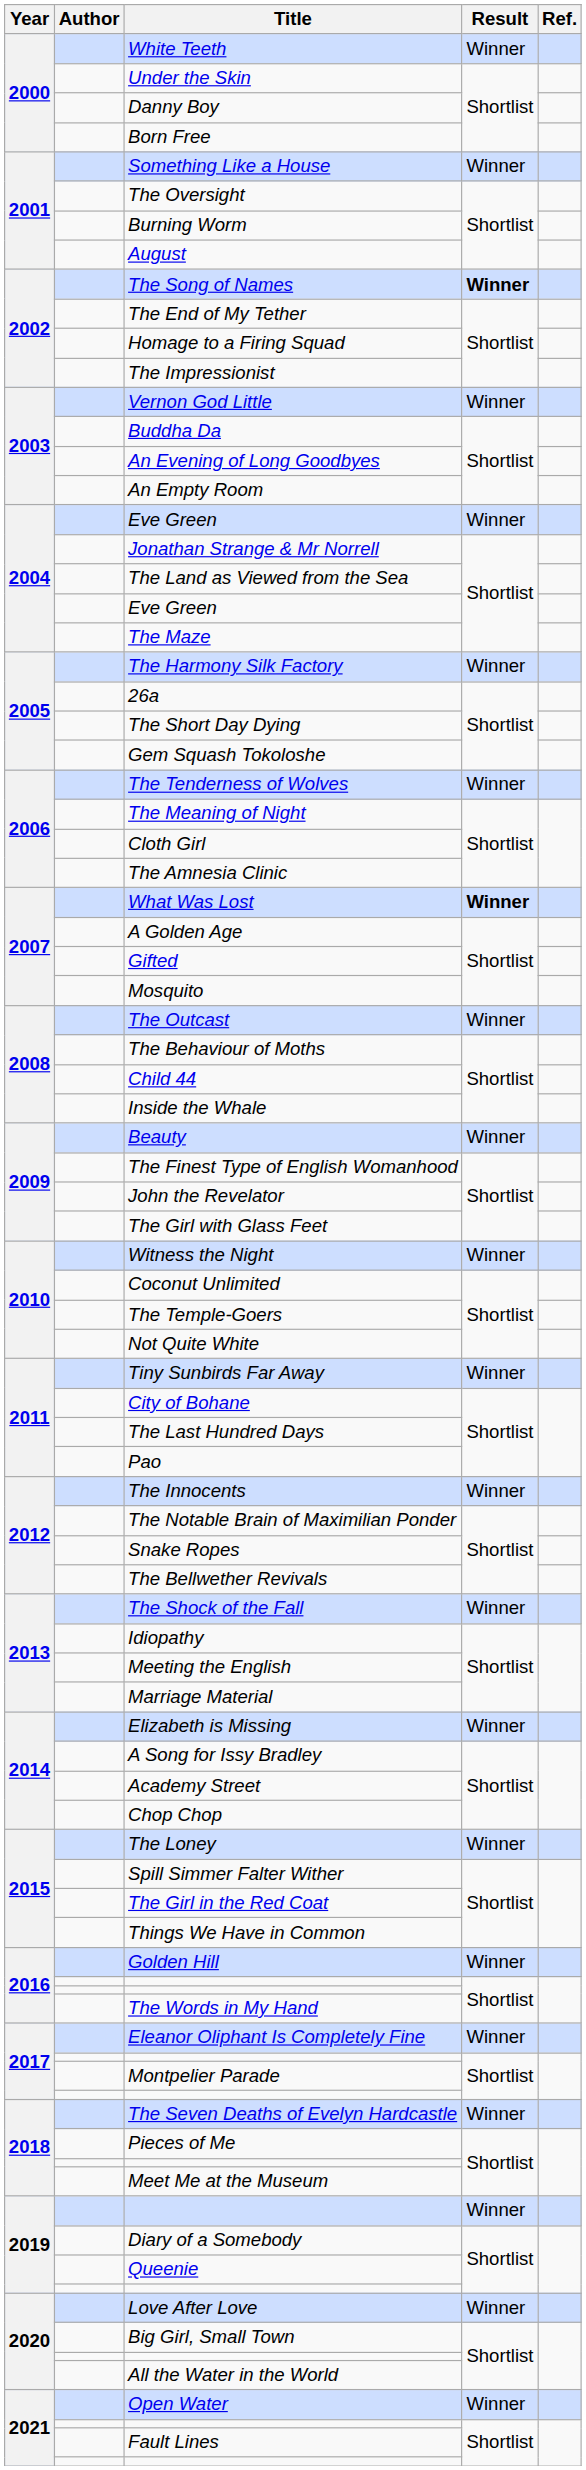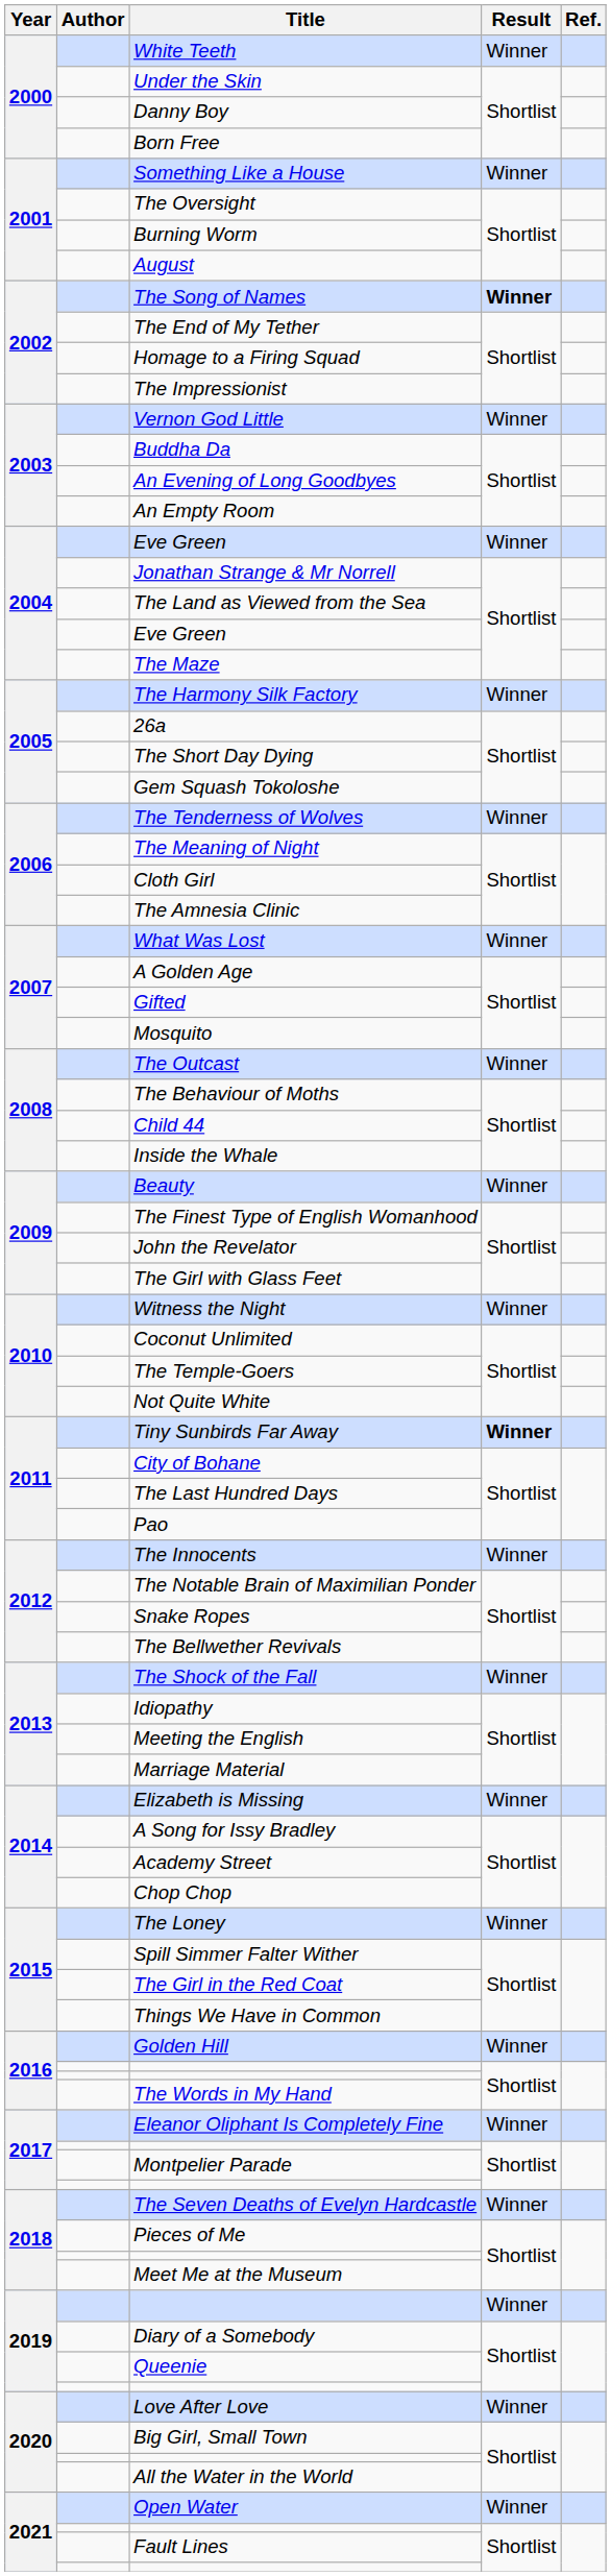 <table class="wikitable sortable mw-collapsible">
 <tr>
 <th>Year</th>
 <th>Author</th>
 <th>Title</th>
 <th>Result</th>
 <th>Ref.</th>
 </tr>
 <tr style="background:#cddeff">
 <th rowspan="4"><a href='#'>2000</a></th>
 <td></td>
 <td><em><a href='#'>White Teeth</a></em></td>
 <td>Winner</td>
 <td></td>
 </tr>
 <tr>
 <td></td>
 <td><em><a href='#'>Under the Skin</a></em></td>
 <td rowspan="3">Shortlist</td>
 <td></td>
 </tr>
 <tr>
 <td></td>
 <td><em>Danny Boy</em></td>
 <td></td>
 </tr>
 <tr>
 <td></td>
 <td><em>Born Free</em></td>
 <td></td>
 </tr>
 <tr style="background:#cddeff">
 <th rowspan="4"><a href='#'>2001</a></th>
 <td></td>
 <td><em><a href='#'>Something Like a House</a></em></td>
 <td>Winner</td>
 <td></td>
 </tr>
 <tr>
 <td></td>
 <td><em>The Oversight</em></td>
 <td rowspan="3">Shortlist</td>
 <td></td>
 </tr>
 <tr>
 <td></td>
 <td><em>Burning Worm</em></td>
 <td></td>
 </tr>
 <tr>
 <td></td>
 <td><em><a href='#'>August</a></em></td>
 <td></td>
 </tr>
 <tr style="background:#cddeff">
 <th rowspan="4"><a href='#'>2002</a></th>
 <td></td>
 <td><em><a href='#'>The Song of Names</a></em></td>
 <td><strong>Winner</strong></td>
 <td></td>
 </tr>
 <tr>
 <td></td>
 <td><em>The End of My Tether</em></td>
 <td rowspan="3">Shortlist</td>
 <td></td>
 </tr>
 <tr>
 <td></td>
 <td><em>Homage to a Firing Squad</em></td>
 <td></td>
 </tr>
 <tr>
 <td></td>
 <td><em>The Impressionist</em></td>
 <td></td>
 </tr>
 <tr style="background:#cddeff">
 <th rowspan="4"><a href='#'>2003</a></th>
 <td></td>
 <td><em><a href='#'>Vernon God Little</a></em></td>
 <td>Winner</td>
 <td></td>
 </tr>
 <tr>
 <td></td>
 <td><em><a href='#'>Buddha Da</a></em></td>
 <td rowspan="3">Shortlist</td>
 <td></td>
 </tr>
 <tr>
 <td></td>
 <td><em><a href='#'>An Evening of Long Goodbyes</a></em></td>
 <td></td>
 </tr>
 <tr>
 <td></td>
 <td><em>An Empty Room</em></td>
 <td></td>
 </tr>
 <tr style="background:#cddeff">
 <th rowspan="5"><a href='#'>2004</a></th>
 <td></td>
 <td><em>Eve Green</em></td>
 <td>Winner</td>
 <td></td>
 </tr>
 <tr>
 <td></td>
 <td><em><a href='#'>Jonathan Strange & Mr Norrell</a></em></td>
 <td rowspan="4">Shortlist</td>
 <td></td>
 </tr>
 <tr>
 <td></td>
 <td><em>The Land as Viewed from the Sea</em></td>
 <td></td>
 </tr>
 <tr>
 <td></td>
 <td><em>Eve Green</em></td>
 <td></td>
 </tr>
 <tr>
 <td></td>
 <td><em><a href='#'>The Maze</a></em></td>
 <td></td>
 </tr>
 <tr style="background:#cddeff">
 <th rowspan="4"><a href='#'>2005</a></th>
 <td></td>
 <td><em><a href='#'>The Harmony Silk Factory</a></em></td>
 <td>Winner</td>
 <td></td>
 </tr>
 <tr>
 <td></td>
 <td><em>26a</em></td>
 <td rowspan="3">Shortlist</td>
 <td></td>
 </tr>
 <tr>
 <td></td>
 <td><em>The Short Day Dying</em></td>
 <td></td>
 </tr>
 <tr>
 <td></td>
 <td><em>Gem Squash Tokoloshe</em></td>
 <td></td>
 </tr>
 <tr style="background:#cddeff">
 <th rowspan="4"><a href='#'>2006</a></th>
 <td></td>
 <td><em><a href='#'>The Tenderness of Wolves</a>  </em></td>
 <td>Winner</td>
 <td></td>
 </tr>
 <tr>
 <td></td>
 <td><em><a href='#'>The Meaning of Night</a></em></td>
 <td rowspan="3">Shortlist</td>
 <td rowspan="3"></td>
 </tr>
 <tr>
 <td></td>
 <td><em>Cloth Girl</em></td>
 </tr>
 <tr>
 <td></td>
 <td><em>The Amnesia Clinic</em></td>
 </tr>
 <tr style="background:#cddeff">
 <th rowspan="4"><a href='#'>2007</a></th>
 <td></td>
 <td><em><a href='#'>What Was Lost</a></em></td>
-<td><strong>Winner</strong></td>
+<td>Winner</td>
 <td></td>
 </tr>
 <tr>
 <td></td>
 <td><em>A Golden Age</em></td>
 <td rowspan="3">Shortlist</td>
 <td></td>
 </tr>
 <tr>
 <td></td>
 <td><em><a href='#'>Gifted</a></em></td>
 <td></td>
 </tr>
 <tr>
 <td></td>
 <td><em>Mosquito</em></td>
 <td></td>
 </tr>
 <tr style="background:#cddeff">
 <th rowspan="4"><a href='#'>2008</a></th>
 <td></td>
 <td><em><a href='#'>The Outcast</a></em></td>
 <td>Winner</td>
 <td></td>
 </tr>
 <tr>
 <td></td>
 <td><em>The Behaviour of Moths</em></td>
 <td rowspan="3">Shortlist</td>
 <td></td>
 </tr>
 <tr>
 <td></td>
 <td><em><a href='#'>Child 44</a></em></td>
 <td></td>
 </tr>
 <tr>
 <td></td>
 <td><em>Inside the Whale</em></td>
 <td></td>
 </tr>
 <tr style="background:#cddeff">
 <th rowspan="4"><a href='#'>2009</a></th>
 <td></td>
 <td><em><a href='#'>Beauty</a></em></td>
 <td>Winner</td>
 <td></td>
 </tr>
 <tr>
 <td></td>
 <td><em>The Finest Type of English Womanhood</em></td>
 <td rowspan="3">Shortlist</td>
 <td></td>
 </tr>
 <tr>
 <td></td>
 <td><em>John the Revelator</em></td>
 <td></td>
 </tr>
 <tr>
 <td></td>
 <td><em>The Girl with Glass Feet</em></td>
 <td></td>
 </tr>
 <tr style="background:#cddeff">
 <th rowspan="4"><a href='#'>2010</a></th>
 <td></td>
 <td><em>Witness the Night</em></td>
 <td>Winner</td>
 <td></td>
 </tr>
 <tr>
 <td></td>
 <td><em>Coconut Unlimited</em></td>
 <td rowspan="3">Shortlist</td>
 <td></td>
 </tr>
 <tr>
 <td></td>
 <td><em>The Temple-Goers</em></td>
 <td></td>
 </tr>
 <tr>
 <td></td>
 <td><em>Not Quite White</em></td>
 <td></td>
 </tr>
 <tr style="background:#cddeff">
 <th rowspan="4"><a href='#'>2011</a></th>
 <td></td>
 <td><em>Tiny Sunbirds Far Away</em></td>
-<td>Winner</td>
+<td><strong>Winner</strong></td>
 <td></td>
 </tr>
 <tr>
 <td></td>
 <td><em><a href='#'>City of Bohane</a></em></td>
 <td rowspan="3">Shortlist</td>
 <td rowspan="3"></td>
 </tr>
 <tr>
 <td></td>
 <td><em>The Last Hundred Days</em></td>
 </tr>
 <tr>
 <td></td>
 <td><em>Pao</em></td>
 </tr>
 <tr style="background:#cddeff">
 <th rowspan="4"><a href='#'>2012</a></th>
 <td></td>
 <td><em>The Innocents</em></td>
 <td>Winner</td>
 <td></td>
 </tr>
 <tr>
 <td></td>
 <td><em>The Notable Brain of Maximilian Ponder</em></td>
 <td rowspan="3">Shortlist</td>
 <td></td>
 </tr>
 <tr>
 <td></td>
 <td><em>Snake Ropes</em></td>
 <td></td>
 </tr>
 <tr>
 <td></td>
 <td><em>The Bellwether Revivals</em></td>
 <td></td>
 </tr>
 <tr style="background:#cddeff">
 <th rowspan="4"><a href='#'>2013</a></th>
 <td></td>
 <td><em><a href='#'>The Shock of the Fall</a>  </em></td>
 <td>Winner</td>
 <td></td>
 </tr>
 <tr>
 <td></td>
 <td><em>Idiopathy</em></td>
 <td rowspan="3">Shortlist</td>
 <td rowspan="3"></td>
 </tr>
 <tr>
 <td></td>
 <td><em>Meeting the English</em></td>
 </tr>
 <tr>
 <td></td>
 <td><em>Marriage Material</em></td>
 </tr>
 <tr style="background:#cddeff">
 <th rowspan="4"><a href='#'>2014</a></th>
 <td></td>
 <td><em>Elizabeth is Missing</em></td>
 <td>Winner</td>
 <td><em></em></td>
 </tr>
 <tr>
 <td></td>
 <td><em>A Song for Issy Bradley</em></td>
 <td rowspan="3">Shortlist</td>
 <td rowspan="3"></td>
 </tr>
 <tr>
 <td></td>
 <td><em>Academy Street</em></td>
 </tr>
 <tr>
 <td></td>
 <td><em>Chop Chop</em></td>
 </tr>
 <tr style="background:#cddeff">
 <th rowspan="4"><a href='#'>2015</a></th>
 <td></td>
 <td><em>The Loney</em></td>
 <td>Winner</td>
 <td></td>
 </tr>
 <tr>
 <td></td>
 <td><em>Spill Simmer Falter Wither</em></td>
 <td rowspan="3">Shortlist</td>
 <td rowspan="3"></td>
 </tr>
 <tr>
 <td></td>
 <td><em><a href='#'>The Girl in the Red Coat</a></em></td>
 </tr>
 <tr>
 <td></td>
 <td><em>Things We Have in Common</em></td>
 </tr>
 <tr style="background:#cddeff">
 <th rowspan="4"><a href='#'>2016</a></th>
 <td></td>
 <td><em><a href='#'>Golden Hill</a></em></td>
 <td>Winner</td>
 <td></td>
 </tr>
 <tr>
 <td></td>
 <td></td>
 <td rowspan="3">Shortlist</td>
 <td rowspan="3"></td>
 </tr>
 <tr>
 <td></td>
 <td></td>
 </tr>
 <tr>
 <td></td>
 <td><em><a href='#'>The Words in My Hand</a></em></td>
 </tr>
 <tr style="background:#cddeff">
 <th rowspan="4"><a href='#'>2017</a></th>
 <td></td>
 <td><em><a href='#'>Eleanor Oliphant Is Completely Fine</a></em></td>
 <td>Winner</td>
 <td></td>
 </tr>
 <tr>
 <td></td>
 <td><em></em></td>
 <td rowspan="3">Shortlist</td>
 <td rowspan="3"></td>
 </tr>
 <tr>
 <td></td>
 <td><em>Montpelier Parade</em></td>
 </tr>
 <tr>
 <td></td>
 <td><em></em></td>
 </tr>
 <tr style="background:#cddeff">
 <th rowspan="4"><a href='#'>2018</a></th>
 <td></td>
 <td><em><a href='#'>The Seven Deaths of Evelyn Hardcastle</a></em></td>
 <td>Winner</td>
 <td></td>
 </tr>
 <tr>
 <td></td>
 <td><em>Pieces of Me</em></td>
 <td rowspan="3">Shortlist</td>
 <td rowspan="3"></td>
 </tr>
 <tr>
 <td></td>
 <td></td>
 </tr>
 <tr>
 <td></td>
 <td><em>Meet Me at the Museum</em></td>
 </tr>
 <tr style="background:#cddeff">
 <th rowspan="4">2019</th>
 <td></td>
 <td></td>
 <td>Winner</td>
 <td></td>
 </tr>
 <tr>
 <td></td>
 <td><em>Diary of a Somebody</em></td>
 <td rowspan="3">Shortlist</td>
 <td rowspan="3"></td>
 </tr>
 <tr>
 <td></td>
 <td><em><a href='#'>Queenie</a></em></td>
 </tr>
 <tr>
 <td></td>
 <td></td>
 </tr>
 <tr style="background:#cddeff">
 <th rowspan="4">2020</th>
 <td></td>
 <td><em>Love After Love</em></td>
 <td>Winner</td>
 <td></td>
 </tr>
 <tr>
 <td></td>
 <td><em>Big Girl, Small Town</em></td>
 <td rowspan="3">Shortlist</td>
 <td rowspan="3"></td>
 </tr>
 <tr>
 <td></td>
 <td></td>
 </tr>
 <tr>
 <td></td>
 <td><em>All the Water in the World</em></td>
 </tr>
 <tr style="background:#cddeff">
 <th rowspan="4">2021</th>
 <td></td>
 <td><em><a href='#'>Open Water</a></em></td>
 <td>Winner</td>
 <td></td>
 </tr>
 <tr>
 <td></td>
 <td></td>
 <td rowspan="3">Shortlist</td>
 <td rowspan="3"></td>
 </tr>
 <tr>
 <td></td>
 <td><em>Fault Lines</em></td>
 </tr>
 <tr>
 <td></td>
 <td></td>
 </tr>
 </table>
